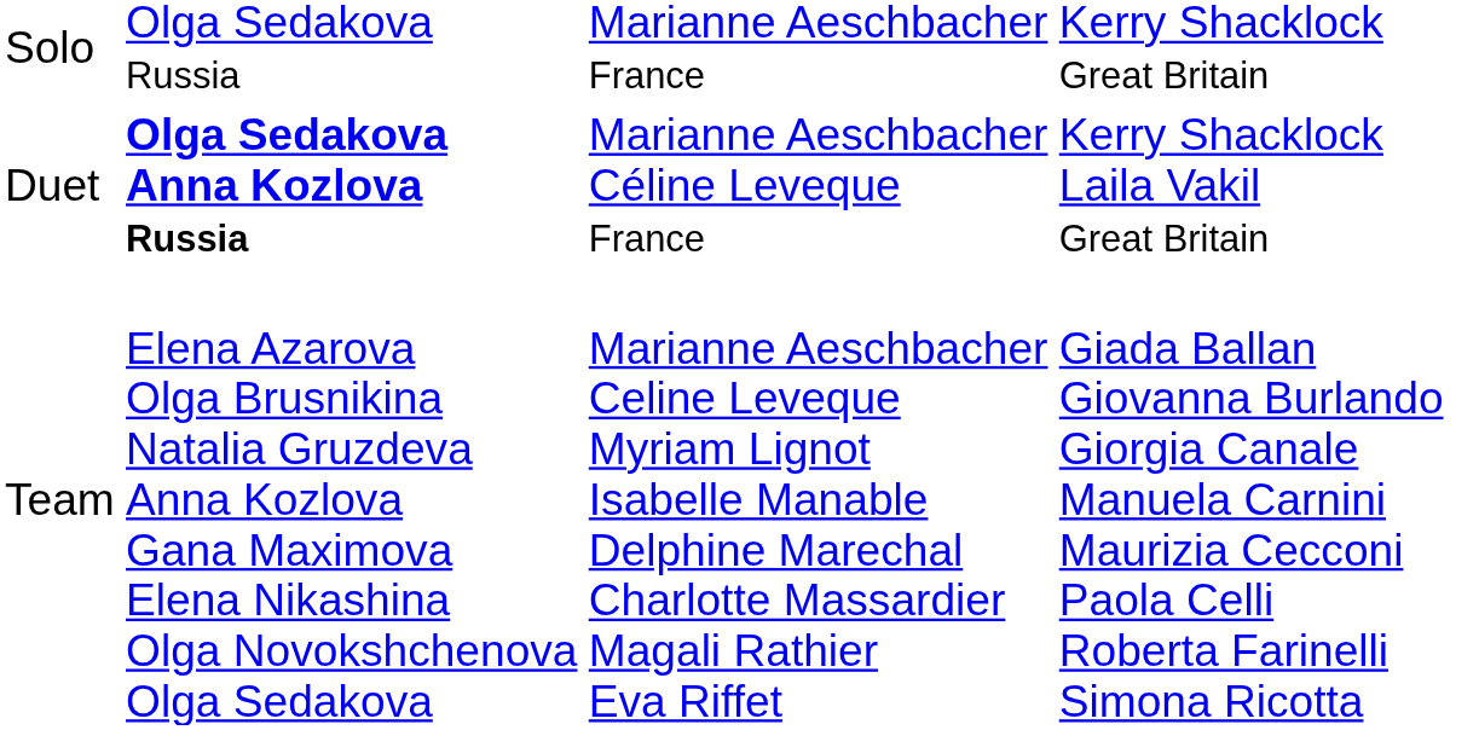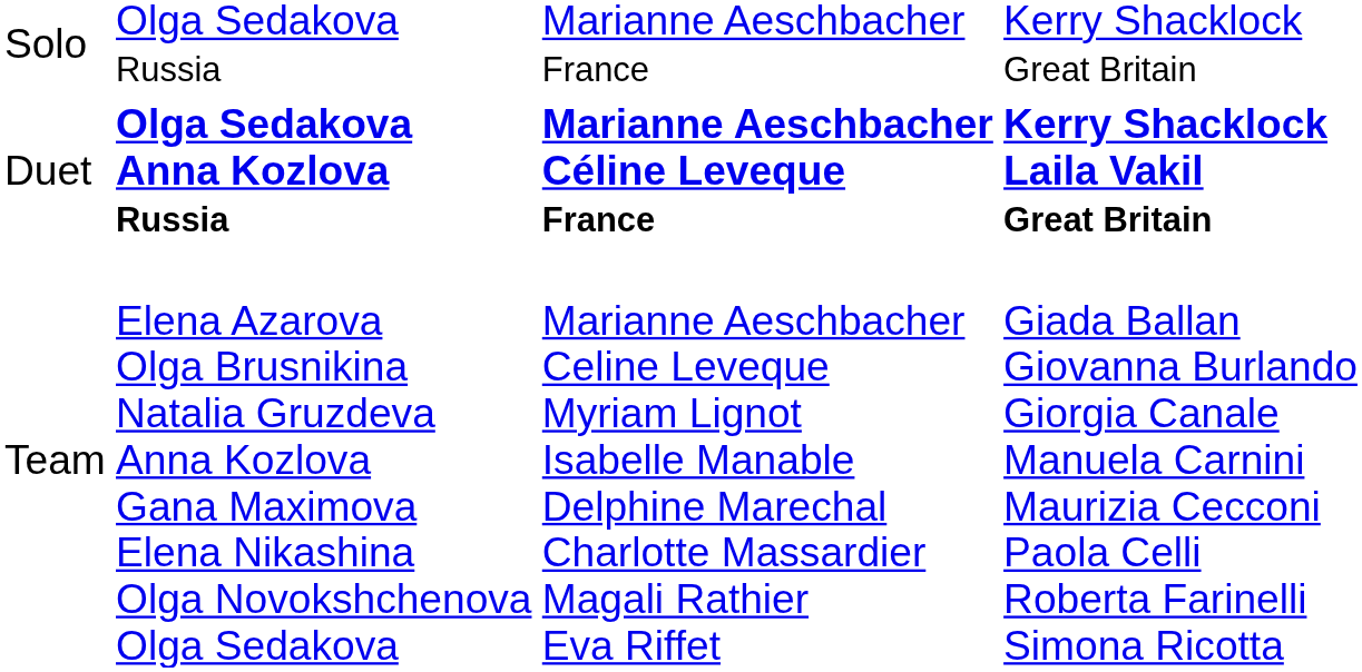 <table>
 <tr>
 <td>Solo</td>
 <td> <a href='#'>Olga Sedakova</a><br><small>Russia</small></td>
 <td> <a href='#'>Marianne Aeschbacher</a><br><small>France</small></td>
 <td> <a href='#'>Kerry Shacklock</a><br><small>Great Britain</small></td>
 </tr>
 <tr>
 <td>Duet</td>
 <td><strong> <a href='#'>Olga Sedakova</a><br><a href='#'>Anna Kozlova</a><br><small>Russia</small></strong></td>
-<td> <a href='#'>Marianne Aeschbacher</a><br><a href='#'>Céline Leveque</a><br><small>France</small></td>
-<td> <a href='#'>Kerry Shacklock</a><br><a href='#'>Laila Vakil</a><br><small>Great Britain</small></td>
+<td><strong> <a href='#'>Marianne Aeschbacher</a><br><a href='#'>Céline Leveque</a><br><small>France</small></strong></td>
+<td><strong> <a href='#'>Kerry Shacklock</a><br><a href='#'>Laila Vakil</a><br><small>Great Britain</small></strong></td>
 </tr>
 <tr>
 <td>Team</td>
 <td><br><a href='#'>Elena Azarova</a><br><a href='#'>Olga Brusnikina</a><br><a href='#'>Natalia Gruzdeva</a><br><a href='#'>Anna Kozlova</a><br><a href='#'>Gana Maximova</a><br><a href='#'>Elena Nikashina</a><br><a href='#'>Olga Novokshchenova</a><br><a href='#'>Olga Sedakova</a></td>
 <td><br><a href='#'>Marianne Aeschbacher</a><br><a href='#'>Celine Leveque</a><br><a href='#'>Myriam Lignot</a><br><a href='#'>Isabelle Manable</a><br><a href='#'>Delphine Marechal</a><br><a href='#'>Charlotte Massardier</a><br><a href='#'>Magali Rathier</a><br><a href='#'>Eva Riffet</a></td>
 <td><br><a href='#'>Giada Ballan</a><br><a href='#'>Giovanna Burlando</a><br><a href='#'>Giorgia Canale</a><br><a href='#'>Manuela Carnini</a><br><a href='#'>Maurizia Cecconi</a><br><a href='#'>Paola Celli</a><br><a href='#'>Roberta Farinelli</a><br><a href='#'>Simona Ricotta</a></td>
 </tr>
 </table>
